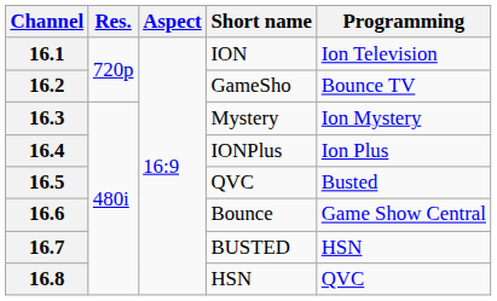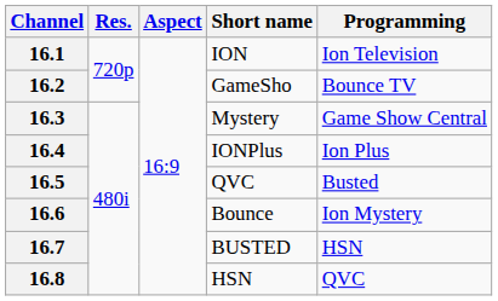 <table class="wikitable">
 <tr>
 <th scope = "col"><a href='#'>Channel</a></th>
 <th scope = "col"><a href='#'>Res.</a></th>
 <th scope = "col"><a href='#'>Aspect</a></th>
 <th scope = "col">Short name</th>
 <th scope = "col">Programming</th>
 </tr>
 <tr>
 <th scope = "row">16.1</th>
 <td rowspan=2><a href='#'>720p</a></td>
 <td rowspan="8"><a href='#'>16:9</a></td>
 <td>ION</td>
 <td><a href='#'>Ion Television</a></td>
 </tr>
 <tr>
 <th scope = "row">16.2</th>
 <td>GameSho</td>
 <td><a href='#'>Bounce TV</a></td>
 </tr>
 <tr>
 <th scope = "row">16.3</th>
 <td rowspan="6"><a href='#'>480i</a></td>
 <td>Mystery</td>
-<td><a href='#'>Ion Mystery</a></td>
+<td><a href='#'>Game Show Central</a></td>
 </tr>
 <tr>
 <th scope = "row">16.4</th>
 <td>IONPlus</td>
 <td><a href='#'>Ion Plus</a></td>
 </tr>
 <tr>
 <th scope = "row">16.5</th>
 <td>QVC</td>
 <td><a href='#'>Busted</a></td>
 </tr>
 <tr>
 <th scope = "row">16.6</th>
 <td>Bounce</td>
-<td><a href='#'>Game Show Central</a></td>
+<td><a href='#'>Ion Mystery</a></td>
 </tr>
 <tr>
 <th scope = "row">16.7</th>
 <td>BUSTED</td>
 <td><a href='#'>HSN</a></td>
 </tr>
 <tr>
 <th scope = "row">16.8</th>
 <td>HSN</td>
 <td><a href='#'>QVC</a></td>
 </tr>
 </table>
